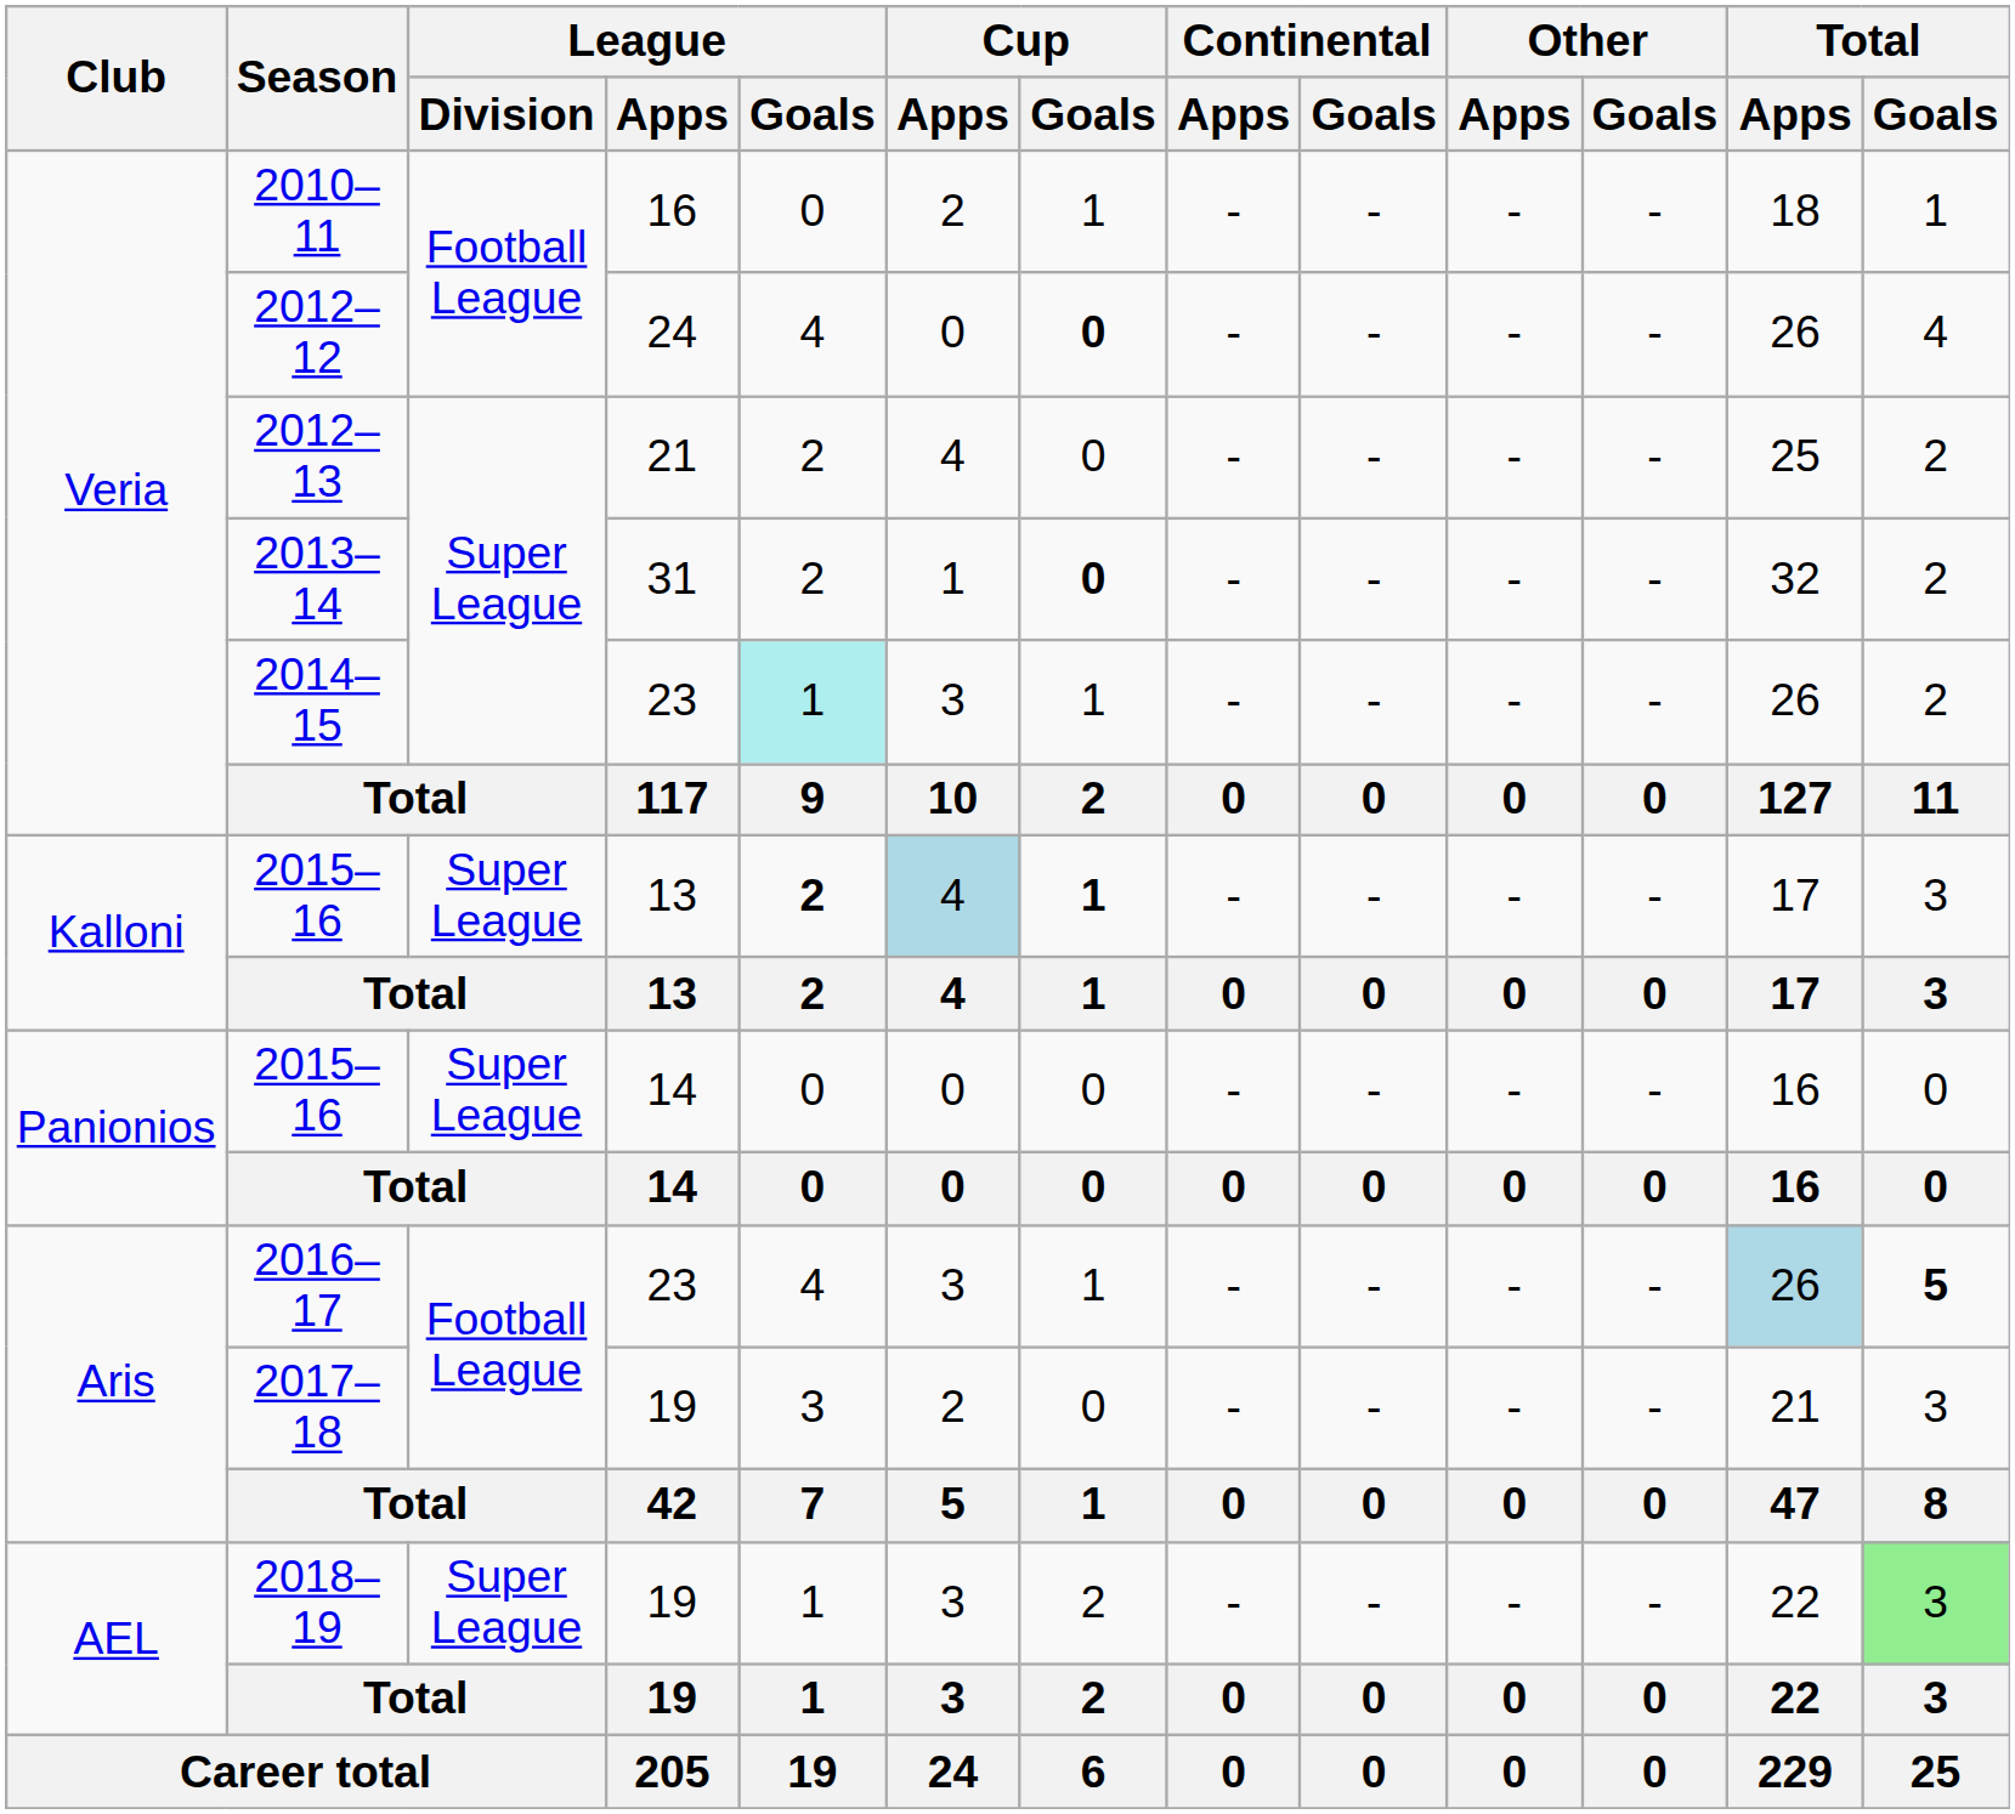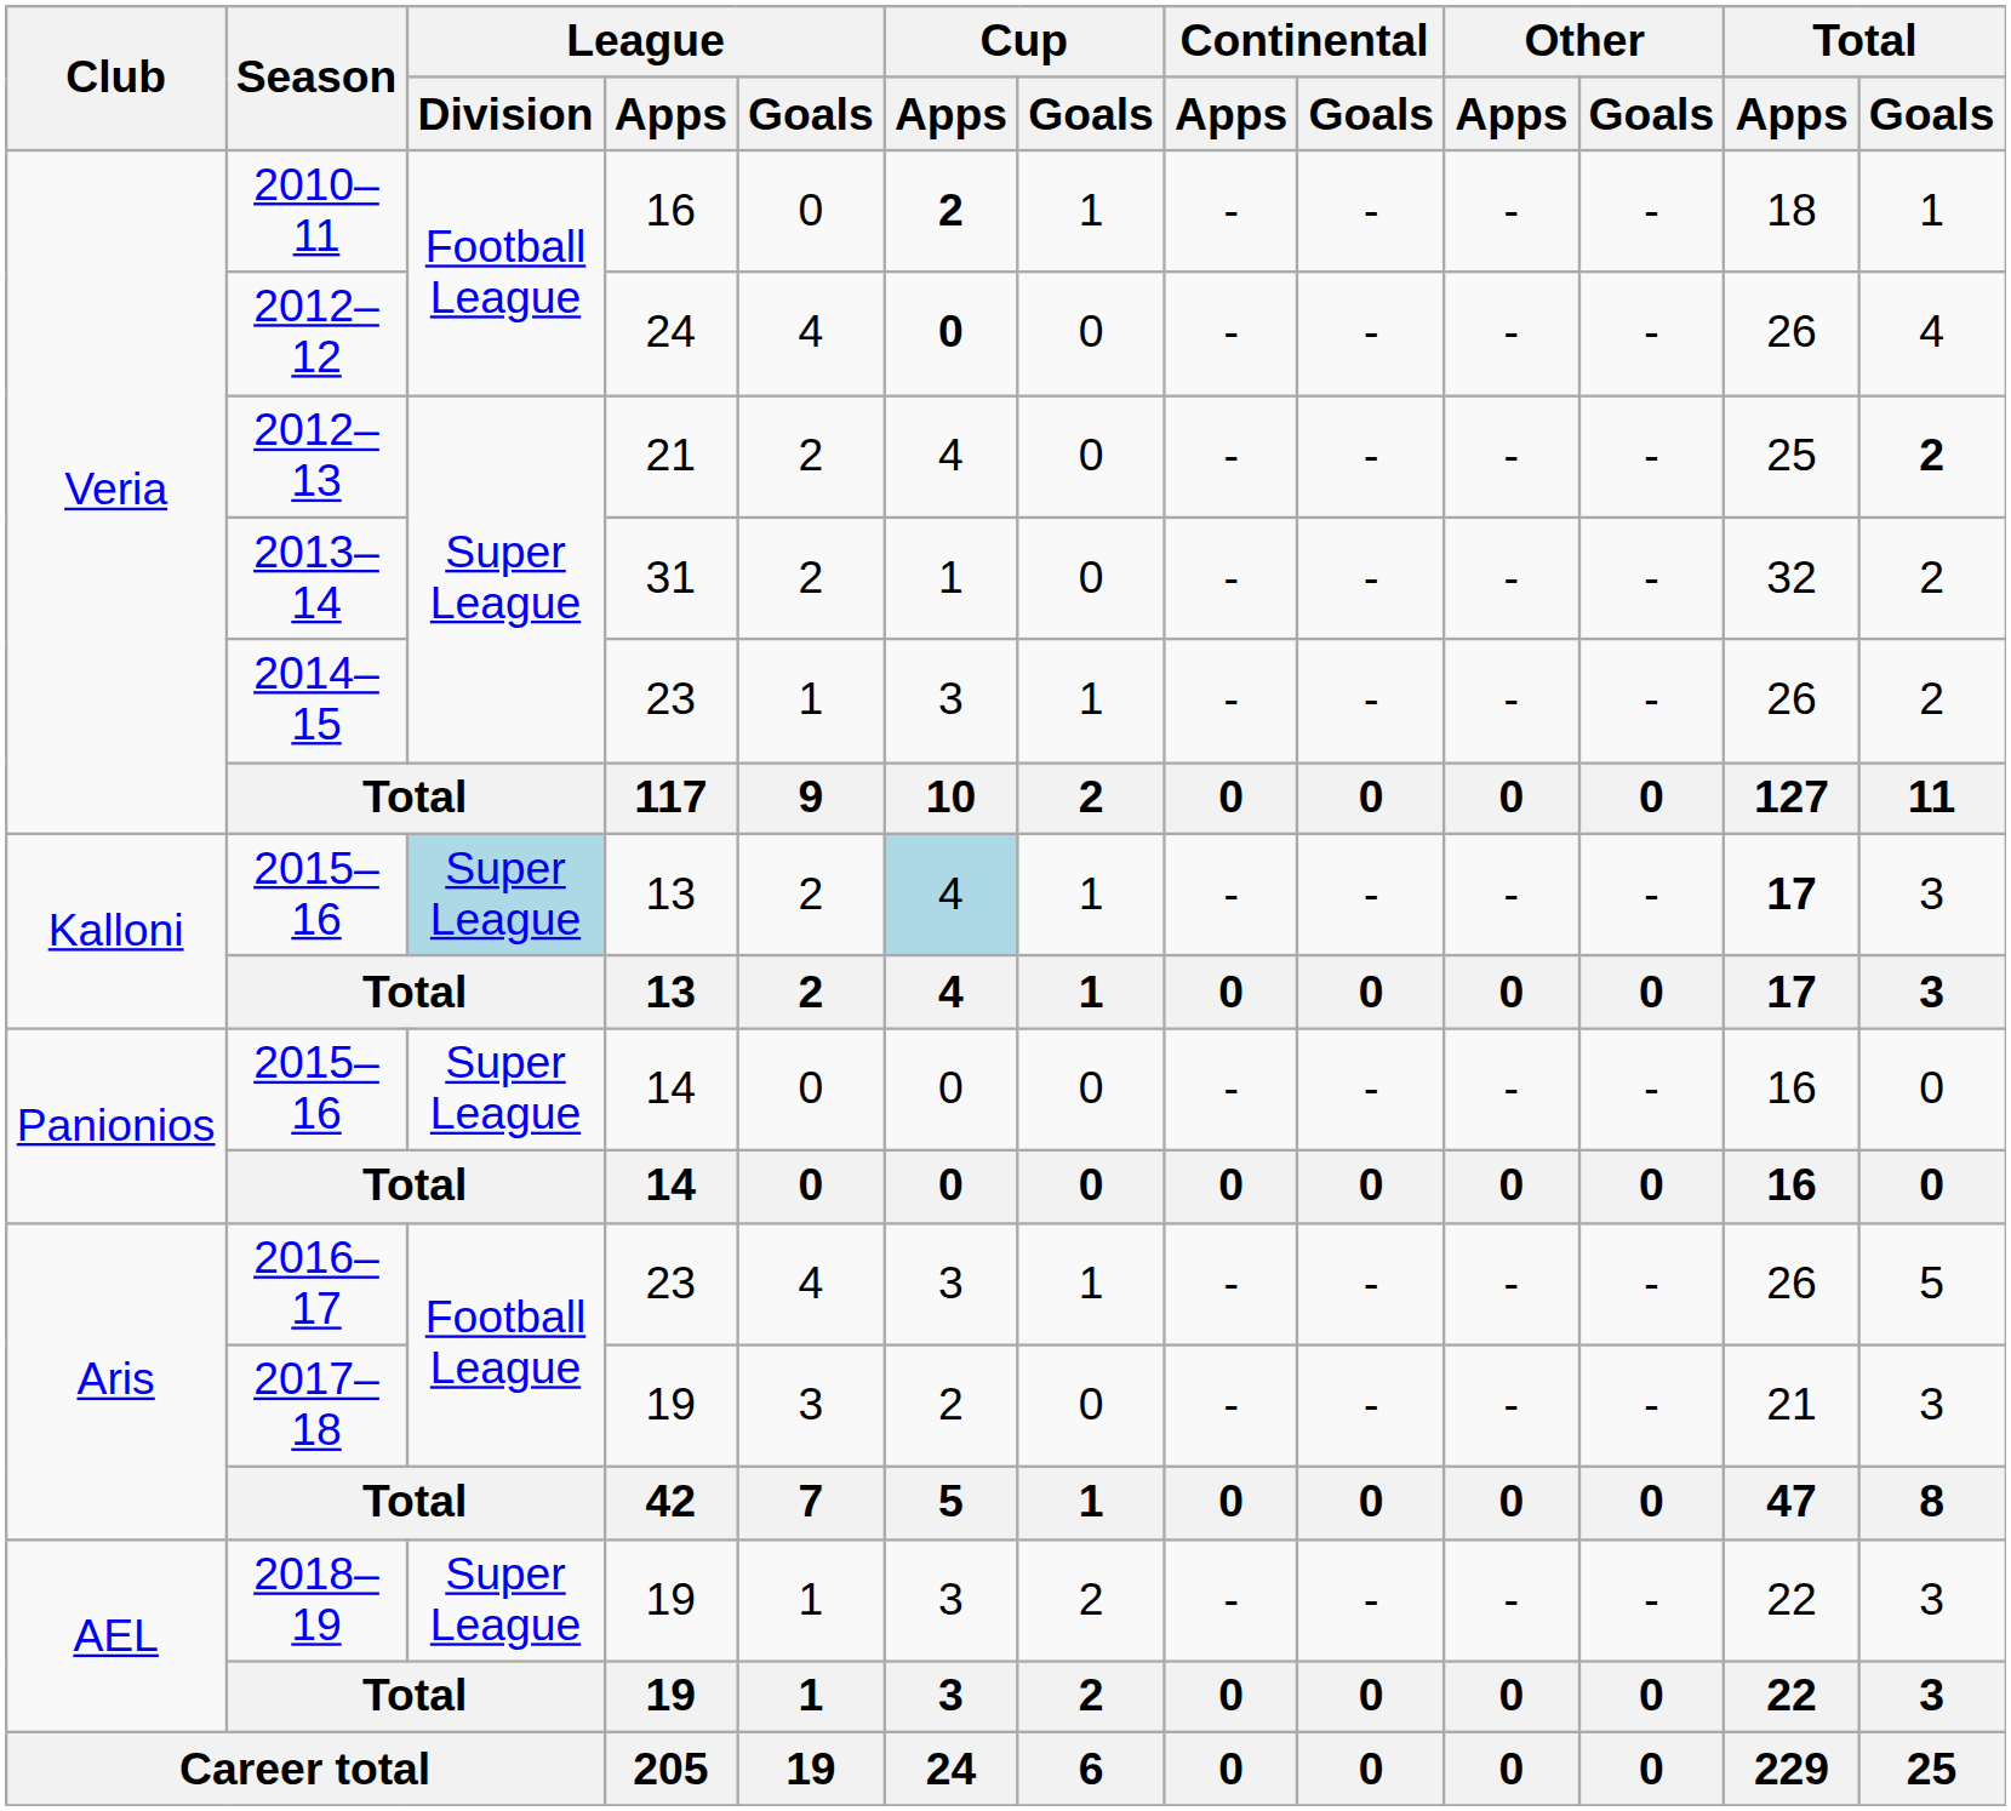 <table class="wikitable" style="text-align:center">
 <tr>
 <th rowspan=2>Club</th>
 <th rowspan=2>Season</th>
 <th colspan=3>League</th>
 <th colspan=2>Cup</th>
 <th colspan=2>Continental</th>
 <th colspan=2>Other</th>
 <th colspan=2>Total</th>
 </tr>
 <tr>
 <th>Division</th>
 <th>Apps</th>
 <th>Goals</th>
 <th>Apps</th>
 <th>Goals</th>
 <th>Apps</th>
 <th>Goals</th>
 <th>Apps</th>
 <th>Goals</th>
 <th>Apps</th>
 <th>Goals</th>
 </tr>
 <tr>
 <td rowspan=6><a href='#'>Veria</a></td>
 <td><a href='#'>2010–11</a></td>
 <td rowspan="2"><a href='#'>Football League</a></td>
 <td>16</td>
 <td>0</td>
-<td>2</td>
+<td><strong>2</strong></td>
 <td>1</td>
 <td>-</td>
 <td>-</td>
 <td>-</td>
 <td>-</td>
 <td>18</td>
 <td>1</td>
 </tr>
 <tr>
 <td><a href='#'>2012–12</a></td>
 <td>24</td>
 <td>4</td>
+<td><strong>0</strong></td>
 <td>0</td>
-<td><strong>0</strong></td>
 <td>-</td>
 <td>-</td>
 <td>-</td>
 <td>-</td>
 <td>26</td>
 <td>4</td>
 </tr>
 <tr>
 <td><a href='#'>2012–13</a></td>
 <td rowspan="3"><a href='#'>Super League</a></td>
 <td>21</td>
 <td>2</td>
 <td>4</td>
 <td>0</td>
 <td>-</td>
 <td>-</td>
 <td>-</td>
 <td>-</td>
 <td>25</td>
-<td>2</td>
+<td><strong>2</strong></td>
 </tr>
 <tr>
 <td><a href='#'>2013–14</a></td>
 <td>31</td>
 <td>2</td>
 <td>1</td>
-<td><strong>0</strong></td>
+<td>0</td>
 <td>-</td>
 <td>-</td>
 <td>-</td>
 <td>-</td>
 <td>32</td>
 <td>2</td>
 </tr>
 <tr>
 <td><a href='#'>2014–15</a></td>
 <td>23</td>
-<td style="background: paleturquoise;">1</td>
+<td>1</td>
 <td>3</td>
 <td>1</td>
 <td>-</td>
 <td>-</td>
 <td>-</td>
 <td>-</td>
 <td>26</td>
 <td>2</td>
 </tr>
 <tr>
 <th colspan="2">Total</th>
 <th>117</th>
 <th>9</th>
 <th>10</th>
 <th>2</th>
 <th>0</th>
 <th>0</th>
 <th>0</th>
 <th>0</th>
 <th>127</th>
 <th>11</th>
 </tr>
 <tr>
 <td rowspan=2><a href='#'>Kalloni</a></td>
 <td><a href='#'>2015–16</a></td>
-<td><a href='#'>Super League</a></td>
+<td style="background: lightblue;"><a href='#'>Super League</a></td>
 <td>13</td>
-<td><strong>2</strong></td>
+<td>2</td>
 <td style="background: lightblue;">4</td>
-<td><strong>1</strong></td>
+<td>1</td>
 <td>-</td>
 <td>-</td>
 <td>-</td>
 <td>-</td>
-<td>17</td>
+<td><strong>17</strong></td>
 <td>3</td>
 </tr>
 <tr>
 <th colspan="2">Total</th>
 <th>13</th>
 <th>2</th>
 <th>4</th>
 <th>1</th>
 <th>0</th>
 <th>0</th>
 <th>0</th>
 <th>0</th>
 <th>17</th>
 <th>3</th>
 </tr>
 <tr>
 <td rowspan=2><a href='#'>Panionios</a></td>
 <td><a href='#'>2015–16</a></td>
 <td><a href='#'>Super League</a></td>
 <td>14</td>
 <td>0</td>
 <td>0</td>
 <td>0</td>
 <td>-</td>
 <td>-</td>
 <td>-</td>
 <td>-</td>
 <td>16</td>
 <td>0</td>
 </tr>
 <tr>
 <th colspan="2">Total</th>
 <th>14</th>
 <th>0</th>
 <th>0</th>
 <th>0</th>
 <th>0</th>
 <th>0</th>
 <th>0</th>
 <th>0</th>
 <th>16</th>
 <th>0</th>
 </tr>
 <tr>
 <td rowspan="3"><a href='#'>Aris</a></td>
 <td><a href='#'>2016–17</a></td>
 <td rowspan="2"><a href='#'>Football League</a></td>
 <td>23</td>
 <td>4</td>
 <td>3</td>
 <td>1</td>
 <td>-</td>
 <td>-</td>
 <td>-</td>
 <td>-</td>
-<td style="background: lightblue;">26</td>
-<td><strong>5</strong></td>
+<td>26</td>
+<td>5</td>
 </tr>
 <tr>
 <td><a href='#'>2017–18</a></td>
 <td>19</td>
 <td>3</td>
 <td>2</td>
 <td>0</td>
 <td>-</td>
 <td>-</td>
 <td>-</td>
 <td>-</td>
 <td>21</td>
 <td>3</td>
 </tr>
 <tr>
 <th colspan="2">Total</th>
 <th>42</th>
 <th>7</th>
 <th>5</th>
 <th>1</th>
 <th>0</th>
 <th>0</th>
 <th>0</th>
 <th>0</th>
 <th>47</th>
 <th>8</th>
 </tr>
 <tr>
 <td rowspan=2><a href='#'>AEL</a></td>
 <td><a href='#'>2018–19</a></td>
 <td><a href='#'>Super League</a></td>
 <td>19</td>
 <td>1</td>
 <td>3</td>
 <td>2</td>
 <td>-</td>
 <td>-</td>
 <td>-</td>
 <td>-</td>
 <td>22</td>
-<td style="background: lightgreen;">3</td>
+<td>3</td>
 </tr>
 <tr>
 <th colspan="2">Total</th>
 <th>19</th>
 <th>1</th>
 <th>3</th>
 <th>2</th>
 <th>0</th>
 <th>0</th>
 <th>0</th>
 <th>0</th>
 <th>22</th>
 <th>3</th>
 </tr>
 <tr>
 <th colspan="3">Career total</th>
 <th>205</th>
 <th>19</th>
 <th>24</th>
 <th>6</th>
 <th>0</th>
 <th>0</th>
 <th>0</th>
 <th>0</th>
 <th>229</th>
 <th>25</th>
 </tr>
 </table>
